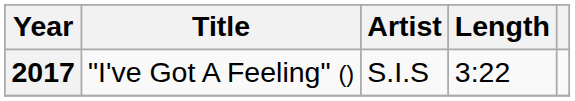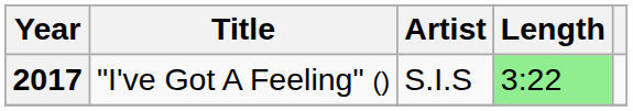 <table class="wikitable plainrowheaders">
 <tr>
 <th scope="col">Year</th>
 <th scope="col">Title</th>
 <th scope="col">Artist</th>
 <th scope="col">Length</th>
 <th scope="col" class="unsortable"></th>
 </tr>
 <tr>
 <th scope="row">2017</th>
 <td>"I've Got A Feeling" <small>()</small></td>
 <td>S.I.S</td>
-<td>3:22</td>
+<td style="background: lightgreen;">3:22</td>
 <td style="text-align:center"></td>
 </tr>
 <tr>
 </tr>
 </table>
